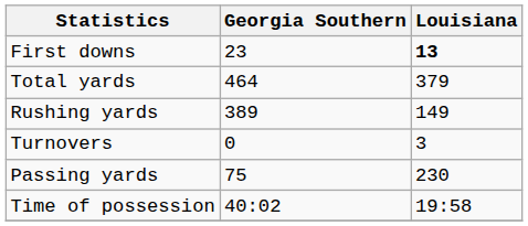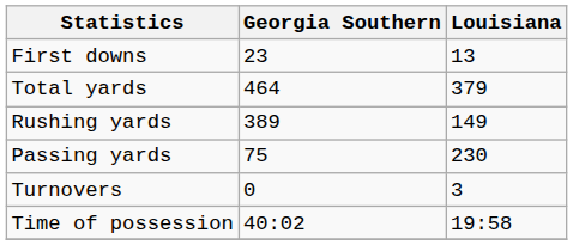 <table class="wikitable" style="float: right;">
 <tr>
 <th>Statistics</th>
 <th>Georgia Southern</th>
 <th>Louisiana</th>
 </tr>
 <tr>
 <td>First downs</td>
 <td>23</td>
-<td><strong>13</strong></td>
+<td>13</td>
 </tr>
 <tr>
 <td>Total yards</td>
 <td>464</td>
 <td>379</td>
 </tr>
 <tr>
 <td>Rushing yards</td>
 <td>389</td>
 <td>149</td>
 </tr>
 <tr>
+<td>Passing yards</td>
+<td>75</td>
+<td>230</td>
+</tr>
+<tr>
 <td>Turnovers</td>
 <td>0</td>
 <td>3</td>
-</tr>
-<tr>
-<td>Passing yards</td>
-<td>75</td>
-<td>230</td>
 </tr>
 <tr>
 <td>Time of possession</td>
 <td>40:02</td>
 <td>19:58</td>
 </tr>
 <tr>
 </tr>
 </table>
